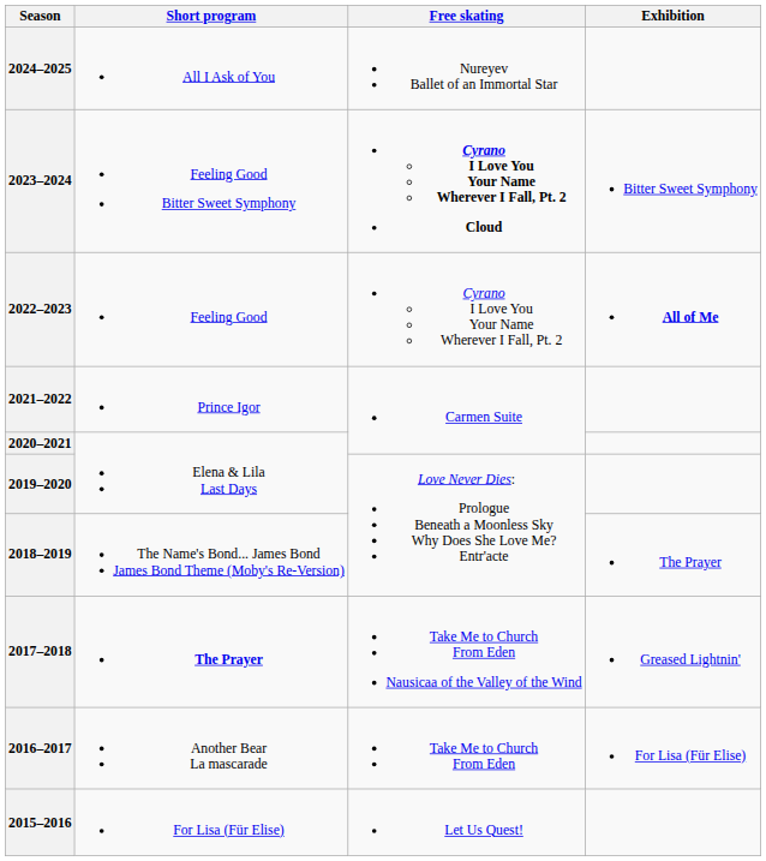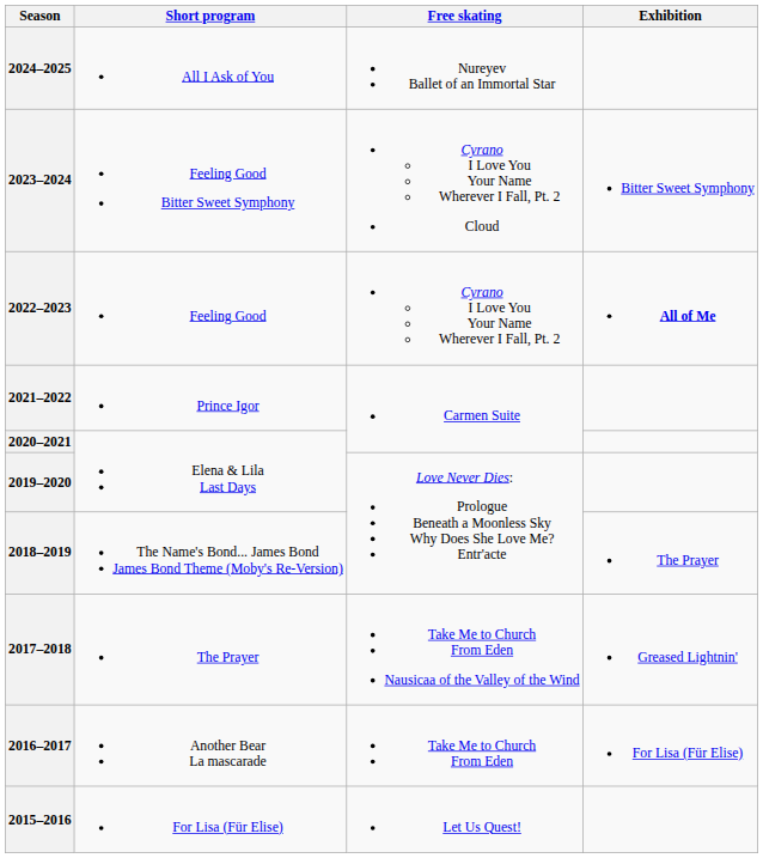 <table class=wikitable style=text-align:center>
 <tr>
 <th>Season</th>
 <th><a href='#'>Short program</a></th>
 <th><a href='#'>Free skating</a></th>
 <th>Exhibition</th>
 </tr>
 <tr>
 <th>2024–2025 <br> </th>
 <td><br><ul><li><a href='#'>All I Ask of You</a> <br></li></ul></td>
 <td><br><ul><li>Nureyev <br></li><li>Ballet of an Immortal Star  <br></li></ul></td>
 <td></td>
 </tr>
 <tr>
 <th>2023–2024 <br></th>
 <td><br><ul><li><a href='#'>Feeling Good</a> <br></li></ul><ul><li><a href='#'>Bitter Sweet Symphony</a> <br></li></ul></td>
-<td><strong><br><ul><li><em><a href='#'>Cyrano</a></em><ul><li>I Love You</li><li>Your Name</li><li>Wherever I Fall, Pt. 2 <br></li></ul></li></ul><ul><li>Cloud <br></li></ul></strong></td>
+<td><br><ul><li><em><a href='#'>Cyrano</a></em><ul><li>I Love You</li><li>Your Name</li><li>Wherever I Fall, Pt. 2 <br></li></ul></li></ul><ul><li>Cloud <br></li></ul></td>
 <td><br><ul><li><a href='#'>Bitter Sweet Symphony</a> <br></li></ul></td>
 </tr>
 <tr>
 <th>2022–2023 <br></th>
 <td><br><ul><li><a href='#'>Feeling Good</a> <br></li></ul></td>
 <td><br><ul><li><em><a href='#'>Cyrano</a></em><ul><li>I Love You</li><li>Your Name</li><li>Wherever I Fall, Pt. 2 <br></li></ul></li></ul></td>
 <td><strong><br><ul><li><a href='#'>All of Me</a> <br></li></ul></strong></td>
 </tr>
 <tr>
 <th>2021–2022 <br></th>
 <td><br><ul><li><a href='#'>Prince Igor</a> <br></li></ul></td>
 <td rowspan=2><br><ul><li><a href='#'>Carmen Suite</a> <br></li></ul></td>
 <td></td>
 </tr>
 <tr>
 <th>2020–2021 <br></th>
 <td rowspan=2><br><ul><li>Elena & Lila</li><li><a href='#'>Last Days</a> <br></li></ul></td>
 <td></td>
 </tr>
 <tr>
 <th>2019–2020 </th>
 <td rowspan=2><em><a href='#'>Love Never Dies</a></em>:<br><ul><li>Prologue</li><li>Beneath a Moonless Sky</li><li>Why Does She Love Me?</li><li>Entr'acte<br></li></ul></td>
 <td></td>
 </tr>
 <tr>
 <th>2018–2019 </th>
 <td><br><ul><li>The Name's Bond... James Bond <br></li><li><a href='#'>James Bond Theme (Moby's Re-Version)</a> <br> </li></ul></td>
 <td><br><ul><li><a href='#'>The Prayer</a> <br></li></ul></td>
 </tr>
 <tr>
 <th>2017–2018 <br> </th>
-<td><strong><br><ul><li><a href='#'>The Prayer</a> <br></li></ul></strong></td>
+<td><br><ul><li><a href='#'>The Prayer</a> <br></li></ul></td>
 <td><br><ul><li><a href='#'>Take Me to Church</a></li><li><a href='#'>From Eden</a> <br> </li></ul><ul><li><a href='#'>Nausicaa of the Valley of the Wind</a> <br></li></ul></td>
 <td><br><ul><li><a href='#'>Greased Lightnin'</a> <br></li></ul></td>
 </tr>
 <tr>
 <th>2016–2017 <br> </th>
 <td><br><ul><li>Another Bear <br></li><li>La mascarade <br></li></ul></td>
 <td><br><ul><li><a href='#'>Take Me to Church</a></li><li><a href='#'>From Eden</a> <br> </li></ul></td>
 <td><br><ul><li><a href='#'>For Lisa (Für Elise)</a> <br></li></ul></td>
 </tr>
 <tr>
 <th>2015–2016 <br> </th>
 <td><br><ul><li><a href='#'>For Lisa (Für Elise)</a> <br></li></ul></td>
 <td><br><ul><li><a href='#'>Let Us Quest!</a> <br></li></ul></td>
 <td></td>
 </tr>
 </table>
